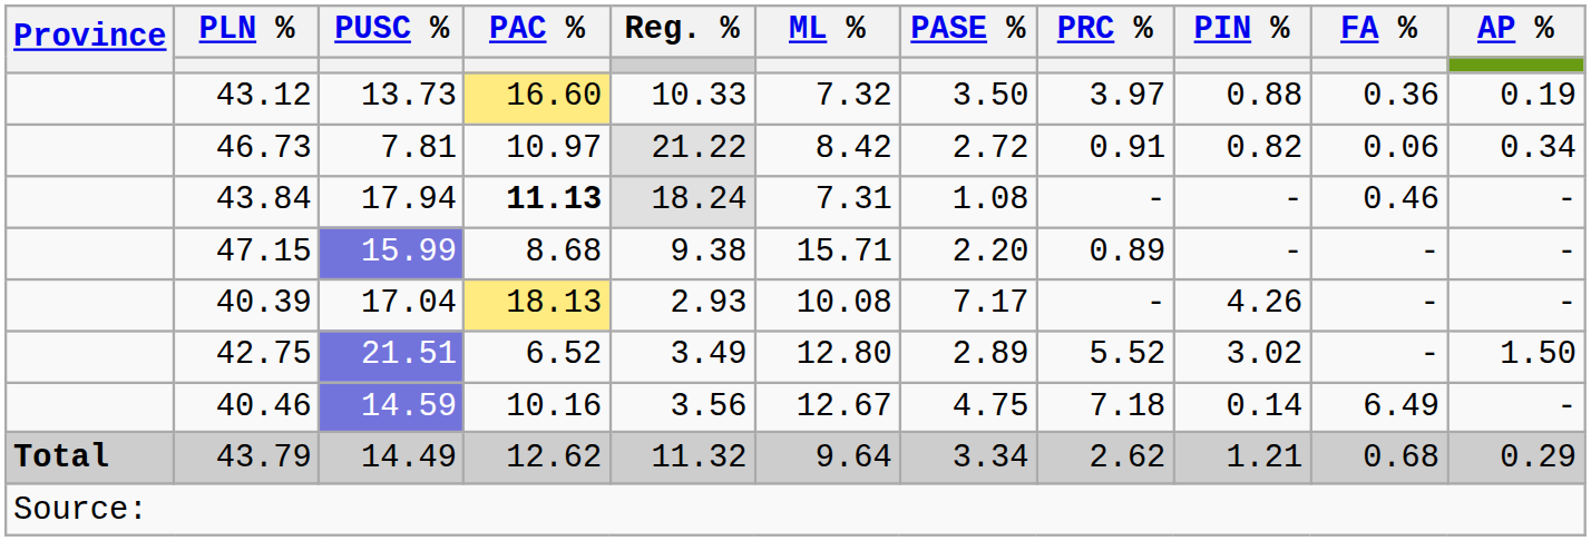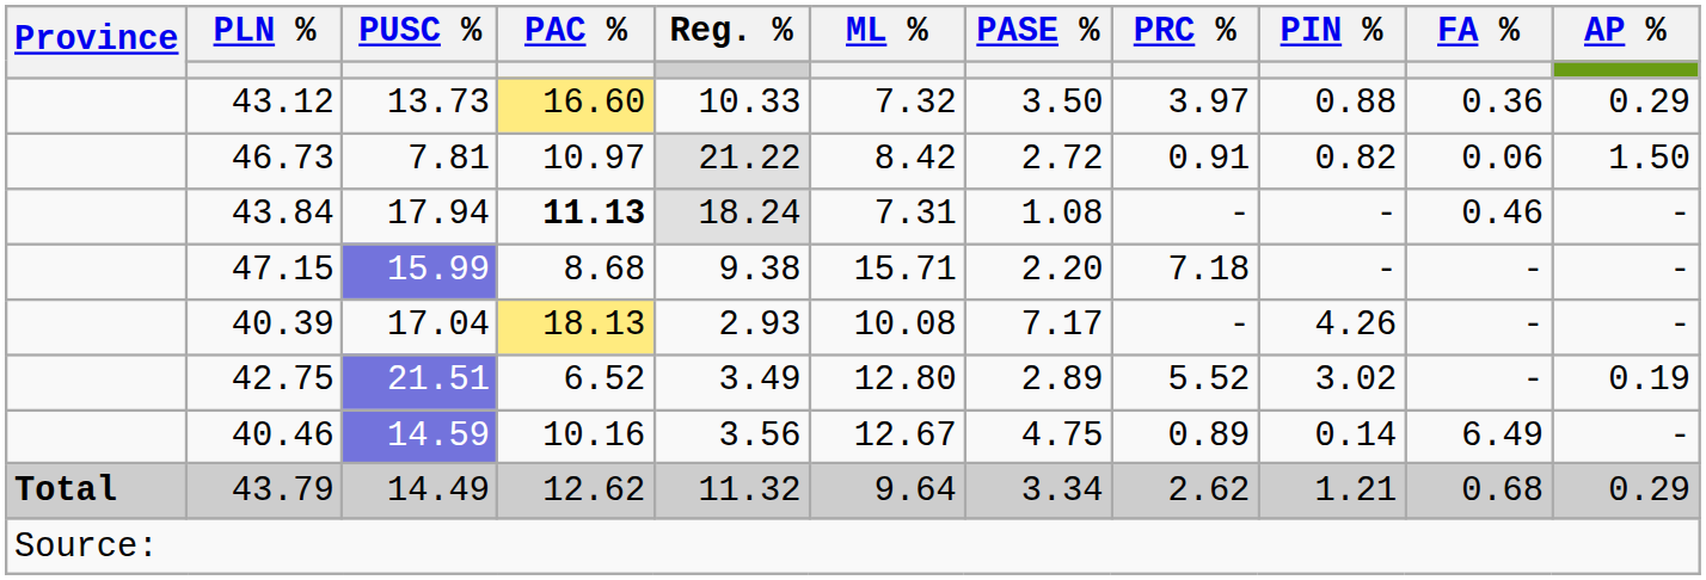 <table class="wikitable sortable" style="text-align:right; font-size:95%">
 <tr>
 <th rowspan=2><a href='#'>Province</a></th>
 <th width=60px><a href='#'>PLN</a> %</th>
 <th width=60px><a href='#'>PUSC</a> %</th>
 <th width=60px><a href='#'>PAC</a> %</th>
 <th width=60px>Reg. %</th>
 <th width=60px><a href='#'>ML</a> %</th>
 <th width=60px><a href='#'>PASE</a> %</th>
 <th width=60px><a href='#'>PRC</a> %</th>
 <th width=60px><a href='#'>PIN</a> %</th>
 <th width=60px><a href='#'>FA</a> %</th>
 <th width=60px><a href='#'>AP</a> %</th>
 </tr>
 <tr>
 <th style="color:inherit;background:"></th>
 <th style="color:inherit;background:"></th>
 <th style="color:inherit;background:"></th>
 <th style="color:inherit;background:#cfcfcf"></th>
 <th style="color:inherit;background:"></th>
 <th style="color:inherit;background:"></th>
 <th style="color:inherit;background:"></th>
 <th style="color:inherit;background:"></th>
 <th style="color:inherit;background:"></th>
 <th style="color:inherit;background:#699C13"></th>
 </tr>
 <tr>
 <td align="left"></td>
 <td style="background:">43.12</td>
 <td>13.73</td>
 <td style="background:#FFEB7F; color:black;">16.60</td>
 <td>10.33</td>
 <td>7.32</td>
 <td>3.50</td>
 <td>3.97</td>
 <td>0.88</td>
 <td>0.36</td>
-<td>0.19</td>
+<td>0.29</td>
 </tr>
 <tr>
 <td align="left"></td>
 <td style="background:">46.73</td>
 <td>7.81</td>
 <td>10.97</td>
 <td style="background:#E0E0E0; color:black;">21.22</td>
 <td>8.42</td>
 <td>2.72</td>
 <td>0.91</td>
 <td>0.82</td>
 <td>0.06</td>
-<td>0.34</td>
+<td>1.50</td>
 </tr>
 <tr>
 <td align="left"></td>
 <td style="background:">43.84</td>
 <td>17.94</td>
 <td><strong>11.13</strong></td>
 <td style="background:#E0E0E0; color:black;">18.24</td>
 <td>7.31</td>
 <td>1.08</td>
 <td>-</td>
 <td>-</td>
 <td>0.46</td>
 <td>-</td>
 </tr>
 <tr>
 <td align="left"></td>
 <td style="background:">47.15</td>
 <td style="background:#7373dc; color:white;">15.99</td>
 <td>8.68</td>
 <td>9.38</td>
 <td>15.71</td>
 <td>2.20</td>
-<td>0.89</td>
+<td>7.18</td>
 <td>-</td>
 <td>-</td>
 <td>-</td>
 </tr>
 <tr>
 <td align="left"></td>
 <td style="background:">40.39</td>
 <td>17.04</td>
 <td style="background:#FFEB7F; color:black;">18.13</td>
 <td>2.93</td>
 <td>10.08</td>
 <td>7.17</td>
 <td>-</td>
 <td>4.26</td>
 <td>-</td>
 <td>-</td>
 </tr>
 <tr>
 <td align="left"></td>
 <td style="background:">42.75</td>
 <td style="background:#7373dc; color:white;">21.51</td>
 <td>6.52</td>
 <td>3.49</td>
 <td>12.80</td>
 <td>2.89</td>
 <td>5.52</td>
 <td>3.02</td>
 <td>-</td>
-<td>1.50</td>
+<td>0.19</td>
 </tr>
 <tr>
 <td align="left"></td>
 <td style="background:">40.46</td>
 <td style="background:#7373dc; color:white;">14.59</td>
 <td>10.16</td>
 <td>3.56</td>
 <td>12.67</td>
 <td>4.75</td>
-<td>7.18</td>
+<td>0.89</td>
 <td>0.14</td>
 <td>6.49</td>
 <td>-</td>
 </tr>
 <tr style="background:#CDCDCD;">
 <td align="left"><strong>Total</strong></td>
 <td style="background:">43.79</td>
 <td>14.49</td>
 <td>12.62</td>
 <td>11.32</td>
 <td>9.64</td>
 <td>3.34</td>
 <td>2.62</td>
 <td>1.21</td>
 <td>0.68</td>
 <td>0.29</td>
 </tr>
 <tr>
 <td align=left colspan=16>Source: </td>
 </tr>
 </table>
